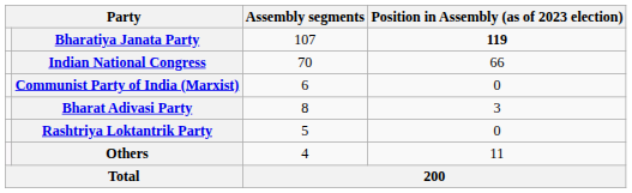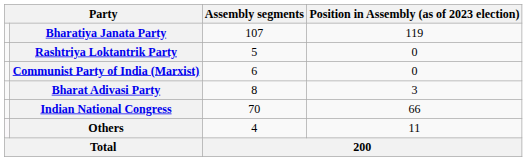 <table class="wikitable" style="text-align:center">
 <tr>
 <th colspan=2>Party</th>
 <th>Assembly segments</th>
 <th>Position in Assembly (as of 2023 election)</th>
 </tr>
 <tr>
 <td></td>
 <th><a href='#'>Bharatiya Janata Party</a></th>
 <td>107</td>
-<td><strong>119</strong></td>
+<td>119</td>
 </tr>
 <tr>
 <td></td>
-<th><a href='#'>Indian National Congress</a></th>
-<td>70</td>
-<td>66</td>
+<th><a href='#'>Rashtriya Loktantrik Party</a></th>
+<td>5</td>
+<td>0</td>
 </tr>
 <tr>
 <td></td>
 <th><a href='#'>Communist Party of India (Marxist)</a></th>
 <td>6</td>
 <td>0</td>
 </tr>
 <tr>
 <td></td>
 <th><a href='#'>Bharat Adivasi Party</a></th>
 <td>8</td>
 <td>3</td>
 </tr>
 <tr>
 <td></td>
-<th><a href='#'>Rashtriya Loktantrik Party</a></th>
-<td>5</td>
-<td>0</td>
+<th><a href='#'>Indian National Congress</a></th>
+<td>70</td>
+<td>66</td>
 </tr>
 <tr>
 <td bgcolor=#FAF8FA></td>
 <th>Others</th>
 <td>4</td>
 <td>11</td>
 </tr>
 <tr>
 <th colspan=2>Total</th>
 <th colspan=2>200</th>
 </tr>
 </table>
